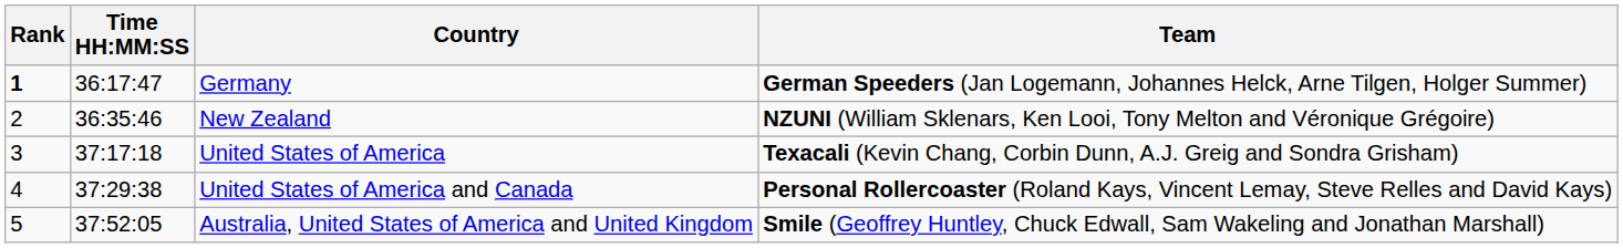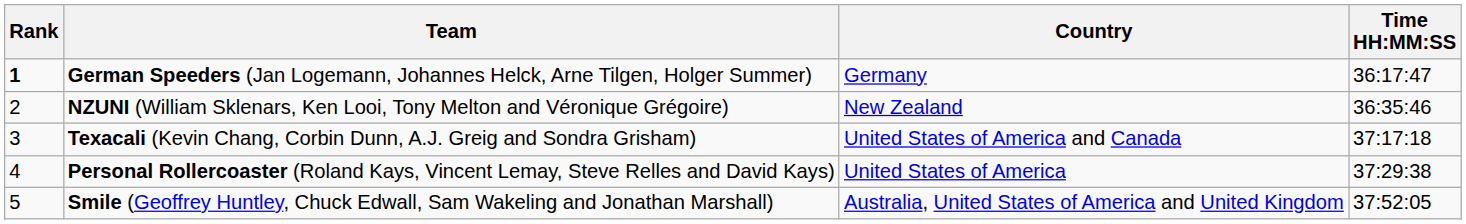 <table class="wikitable">
 <tr>
 <th>Rank</th>
+<th>Team</th>
+<th>Country</th>
 <th>Time<br>HH:MM:SS</th>
-<th>Country</th>
-<th>Team</th>
 </tr>
 <tr>
 <td><strong>1</strong></td>
+<td><strong>German Speeders</strong> (Jan Logemann, Johannes Helck, Arne Tilgen, Holger Summer)</td>
+<td><a href='#'>Germany</a></td>
 <td>36:17:47</td>
-<td><a href='#'>Germany</a></td>
-<td><strong>German Speeders</strong> (Jan Logemann, Johannes Helck, Arne Tilgen, Holger Summer)</td>
 </tr>
 <tr>
 <td>2</td>
+<td><strong>NZUNI</strong> (William Sklenars, Ken Looi, Tony Melton and Véronique Grégoire)</td>
+<td><a href='#'>New Zealand</a></td>
 <td>36:35:46</td>
-<td><a href='#'>New Zealand</a></td>
-<td><strong>NZUNI</strong> (William Sklenars, Ken Looi, Tony Melton and Véronique Grégoire)</td>
 </tr>
 <tr>
 <td>3</td>
+<td><strong>Texacali</strong> (Kevin Chang, Corbin Dunn, A.J. Greig and Sondra Grisham)</td>
+<td><a href='#'>United States of America</a> and <a href='#'>Canada</a></td>
 <td>37:17:18</td>
-<td><a href='#'>United States of America</a></td>
-<td><strong>Texacali</strong> (Kevin Chang, Corbin Dunn, A.J. Greig and Sondra Grisham)</td>
 </tr>
 <tr>
 <td>4</td>
+<td><strong>Personal Rollercoaster</strong> (Roland Kays, Vincent Lemay, Steve Relles and David Kays)</td>
+<td><a href='#'>United States of America</a></td>
 <td>37:29:38</td>
-<td><a href='#'>United States of America</a> and <a href='#'>Canada</a></td>
-<td><strong>Personal Rollercoaster</strong> (Roland Kays, Vincent Lemay, Steve Relles and David Kays)</td>
 </tr>
 <tr>
 <td>5</td>
+<td><strong>Smile</strong> (<a href='#'>Geoffrey Huntley</a>, Chuck Edwall, Sam Wakeling and Jonathan Marshall)</td>
+<td><a href='#'>Australia</a>, <a href='#'>United States of America</a> and <a href='#'>United Kingdom</a></td>
 <td>37:52:05</td>
-<td><a href='#'>Australia</a>, <a href='#'>United States of America</a> and <a href='#'>United Kingdom</a></td>
-<td><strong>Smile</strong> (<a href='#'>Geoffrey Huntley</a>, Chuck Edwall, Sam Wakeling and Jonathan Marshall)</td>
 </tr>
 </table>
